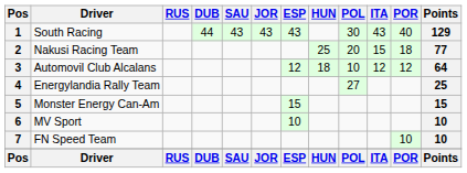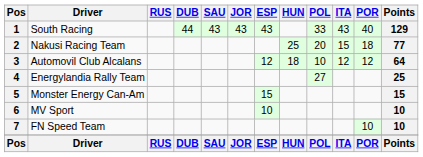 <table class="wikitable" style="font-size: 85%; text-align: center; display: inline-table;">
 <tr valign="top">
 <th valign="middle">Pos</th>
 <th valign="middle">Driver</th>
 <th><a href='#'>RUS</a><br></th>
 <th><a href='#'>DUB</a><br></th>
 <th><a href='#'>SAU</a><br></th>
 <th><a href='#'>JOR</a><br></th>
 <th><a href='#'>ESP</a><br></th>
 <th><a href='#'>HUN</a><br></th>
 <th><a href='#'>POL</a><br></th>
 <th><a href='#'>ITA</a><br></th>
 <th><a href='#'>POR</a><br></th>
 <th valign="middle">Points</th>
 </tr>
 <tr>
 <th>1</th>
 <td align="left"> South Racing</td>
 <td></td>
 <td style="background:#dfffdf;">44</td>
 <td style="background:#dfffdf;">43</td>
 <td style="background:#dfffdf;">43</td>
 <td style="background:#dfffdf;">43</td>
 <td></td>
-<td style="background:#dfffdf;">30</td>
+<td style="background:#dfffdf;">33</td>
 <td style="background:#dfffdf;">43</td>
 <td style="background:#dfffdf;">40</td>
 <th>129</th>
 </tr>
 <tr>
 <th>2</th>
 <td align="left"> Nakusi Racing Team</td>
 <td></td>
 <td></td>
 <td></td>
 <td></td>
 <td></td>
 <td style="background:#dfffdf;">25</td>
 <td style="background:#dfffdf;">20</td>
 <td style="background:#dfffdf;">15</td>
 <td style="background:#dfffdf;">18</td>
 <th>77</th>
 </tr>
 <tr>
 <th>3</th>
 <td align="left"> Automovil Club Alcalans</td>
 <td></td>
 <td></td>
 <td></td>
 <td></td>
 <td style="background:#dfffdf;">12</td>
 <td style="background:#dfffdf;">18</td>
 <td style="background:#dfffdf;">10</td>
 <td style="background:#dfffdf;">12</td>
 <td style="background:#dfffdf;">12</td>
 <th>64</th>
 </tr>
 <tr>
 <th>4</th>
 <td align="left"> Energylandia Rally Team</td>
 <td></td>
 <td></td>
 <td></td>
 <td></td>
 <td></td>
 <td></td>
 <td style="background:#dfffdf;">27</td>
 <td></td>
 <td></td>
 <th>25</th>
 </tr>
 <tr>
 <th>5</th>
 <td align="left">Monster Energy Can-Am</td>
 <td></td>
 <td></td>
 <td></td>
 <td></td>
 <td style="background:#dfffdf;">15</td>
 <td></td>
 <td></td>
 <td></td>
 <td></td>
 <th>15</th>
 </tr>
 <tr>
 <th>6</th>
 <td align="left"> MV Sport</td>
 <td></td>
 <td></td>
 <td></td>
 <td></td>
 <td style="background:#dfffdf;">10</td>
 <td></td>
 <td></td>
 <td></td>
 <td></td>
 <th>10</th>
 </tr>
 <tr>
 <th>7</th>
 <td align="left"> FN Speed Team</td>
 <td></td>
 <td></td>
 <td></td>
 <td></td>
 <td></td>
 <td></td>
 <td></td>
 <td></td>
 <td style="background:#dfffdf;">10</td>
 <th>10</th>
 </tr>
 <tr>
 </tr>
 <tr valign="top">
 <th valign="middle">Pos</th>
 <th valign="middle">Driver</th>
 <th><a href='#'>RUS</a><br></th>
 <th><a href='#'>DUB</a><br></th>
 <th><a href='#'>SAU</a><br></th>
 <th><a href='#'>JOR</a><br></th>
 <th><a href='#'>ESP</a><br></th>
 <th><a href='#'>HUN</a><br></th>
 <th><a href='#'>POL</a><br></th>
 <th><a href='#'>ITA</a><br></th>
 <th><a href='#'>POR</a><br></th>
 <th valign="middle">Points</th>
 </tr>
 </table>
